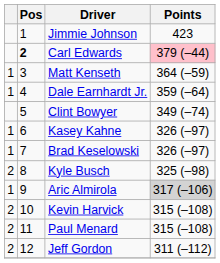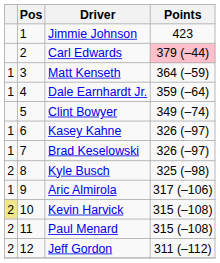 <table class="wikitable " style="font-size: 95%;">
 <tr>
 <th></th>
 <th>Pos</th>
 <th>Driver</th>
 <th>Points</th>
 </tr>
 <tr>
 <td align="left"></td>
 <td>1</td>
 <td><a href='#'>Jimmie Johnson</a></td>
 <td style="text-align:center;">423</td>
 </tr>
 <tr>
 <td align="left"></td>
-<td><strong>2</strong></td>
+<td>2</td>
 <td><a href='#'>Carl Edwards</a></td>
 <td style="background: pink; text-align:center;">379 (–44)</td>
 </tr>
 <tr>
 <td align="left"> 1</td>
 <td>3</td>
 <td><a href='#'>Matt Kenseth</a></td>
 <td style="text-align:center;">364 (–59)</td>
 </tr>
 <tr>
 <td align="left"> 1</td>
 <td>4</td>
 <td><a href='#'>Dale Earnhardt Jr.</a></td>
 <td style="text-align:center;">359 (–64)</td>
 </tr>
 <tr>
 <td align="left"></td>
 <td>5</td>
 <td><a href='#'>Clint Bowyer</a></td>
 <td style="text-align:center;">349 (–74)</td>
 </tr>
 <tr>
 <td align="left"> 1</td>
 <td>6</td>
 <td><a href='#'>Kasey Kahne</a></td>
 <td style="text-align:center;">326 (–97)</td>
 </tr>
 <tr>
 <td align="left"> 1</td>
 <td>7</td>
 <td><a href='#'>Brad Keselowski</a></td>
 <td style="text-align:center;">326 (–97)</td>
 </tr>
 <tr>
 <td align="left"> 2</td>
 <td>8</td>
 <td><a href='#'>Kyle Busch</a></td>
 <td style="text-align:center;">325 (–98)</td>
 </tr>
 <tr>
 <td align="left"> 1</td>
 <td>9</td>
 <td><a href='#'>Aric Almirola</a></td>
-<td style="background: lightgrey; text-align:center;">317 (–106)</td>
+<td style="text-align:center;">317 (–106)</td>
 </tr>
 <tr>
-<td align="left"> 2</td>
+<td align="left" style="background: khaki;"> 2</td>
 <td>10</td>
 <td><a href='#'>Kevin Harvick</a></td>
 <td style="text-align:center;">315 (–108)</td>
 </tr>
 <tr>
 <td align="left"> 2</td>
 <td>11</td>
 <td><a href='#'>Paul Menard</a></td>
 <td style="text-align:center;">315 (–108)</td>
 </tr>
 <tr>
 <td align="left"> 2</td>
 <td>12</td>
 <td><a href='#'>Jeff Gordon</a></td>
 <td style="text-align:center;">311 (–112)</td>
 </tr>
 <tr>
 </tr>
 </table>
